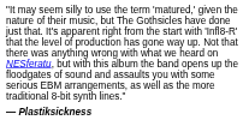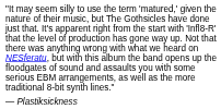 <table class="toccolours" style="float: right; margin-left: 1em; margin-right: 0em; font-size: 85%; background:offwhite; color:black; width:25em; max-width: 40%;" cellspacing="5">
 <tr>
 <td style="text-align: left;">"It may seem silly to use the term 'matured,' given the nature of their music, but The Gothsicles have done just that.  It's apparent right from the start with 'Infl8-R' that the level of production has gone way up.  Not that there was anything wrong with what we heard on <em><a href='#'>NESferatu</a></em>, but with this album the band opens up the floodgates of sound and assaults you with some serious EBM arrangements, as well as the more traditional 8-bit synth lines."</td>
 </tr>
 <tr>
-<td style="text-align: left;"><strong>—   <em>Plastiksickness</em></strong></td>
+<td style="text-align: left;">—   <em>Plastiksickness</em></td>
 </tr>
 </table>
